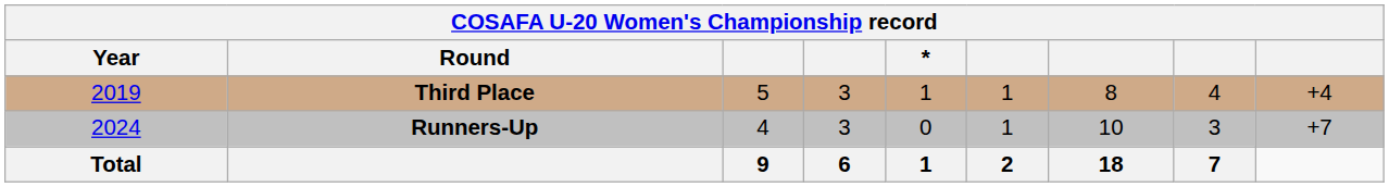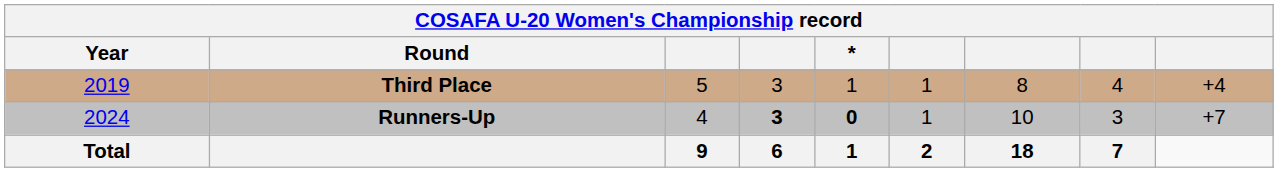 <table class="wikitable" style="text-align: center; width:50%;">
 <tr>
 <th colspan=10><a href='#'>COSAFA U-20 Women's Championship</a> record</th>
 </tr>
 <tr>
 <th>Year</th>
 <th>Round</th>
 <th></th>
 <th></th>
 <th>*</th>
 <th></th>
 <th></th>
 <th></th>
 <th></th>
 </tr>
 <tr bgcolor=cfaa88>
 <td> <a href='#'>2019</a></td>
 <td><strong>Third Place</strong></td>
 <td>5</td>
 <td>3</td>
 <td>1</td>
 <td>1</td>
 <td>8</td>
 <td>4</td>
 <td>+4</td>
 </tr>
 <tr bgcolor=silver>
 <td> <a href='#'>2024</a></td>
 <td><strong>Runners-Up</strong></td>
 <td>4</td>
-<td>3</td>
-<td>0</td>
+<td><strong>3</strong></td>
+<td><strong>0</strong></td>
 <td>1</td>
 <td>10</td>
 <td>3</td>
 <td>+7</td>
 </tr>
 <tr>
 <th>Total</th>
 <th></th>
 <th>9</th>
 <th>6</th>
 <th>1</th>
 <th>2</th>
 <th>18</th>
 <th>7</th>
 </tr>
 </table>
